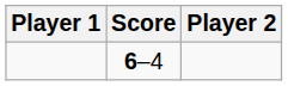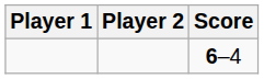 <table class="wikitable" style="font-size: 100%; margin: 1em auto 1em auto;">
 <tr>
 <th>Player 1</th>
+<th>Player 2</th>
 <th>Score</th>
-<th>Player 2</th>
 </tr>
 <tr>
 <td><strong></strong></td>
+<td></td>
 <td align="center"><strong>6</strong>–4</td>
-<td></td>
 </tr>
 </table>
